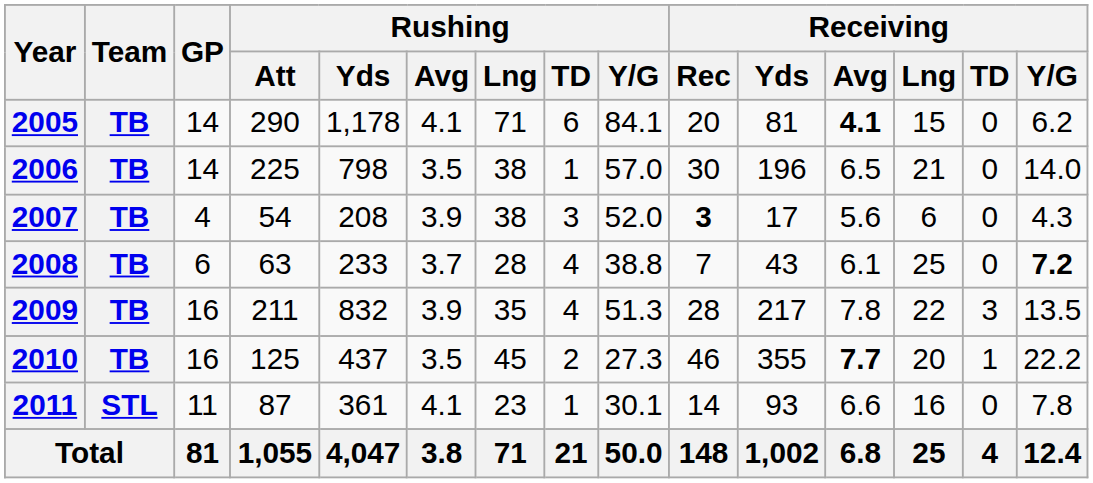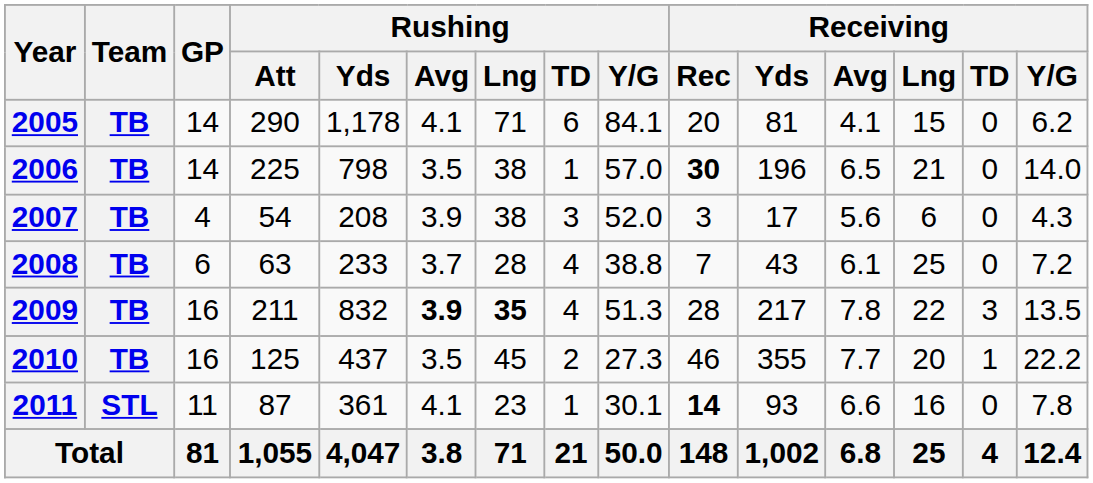 <table class="wikitable" style="text-align:center;">
 <tr>
 <th rowspan="2">Year</th>
 <th rowspan="2">Team</th>
 <th rowspan="2">GP</th>
 <th colspan="6">Rushing</th>
 <th colspan="6">Receiving</th>
 </tr>
 <tr>
 <th>Att</th>
 <th>Yds</th>
 <th>Avg</th>
 <th>Lng</th>
 <th>TD</th>
 <th>Y/G</th>
 <th>Rec</th>
 <th>Yds</th>
 <th>Avg</th>
 <th>Lng</th>
 <th>TD</th>
 <th>Y/G</th>
 </tr>
 <tr>
 <th><a href='#'>2005</a></th>
 <th><a href='#'>TB</a></th>
 <td>14</td>
 <td>290</td>
 <td>1,178</td>
 <td>4.1</td>
 <td>71</td>
 <td>6</td>
 <td>84.1</td>
 <td>20</td>
 <td>81</td>
-<td><strong>4.1</strong></td>
+<td>4.1</td>
 <td>15</td>
 <td>0</td>
 <td>6.2</td>
 </tr>
 <tr>
 <th><a href='#'>2006</a></th>
 <th><a href='#'>TB</a></th>
 <td>14</td>
 <td>225</td>
 <td>798</td>
 <td>3.5</td>
 <td>38</td>
 <td>1</td>
 <td>57.0</td>
-<td>30</td>
+<td><strong>30</strong></td>
 <td>196</td>
 <td>6.5</td>
 <td>21</td>
 <td>0</td>
 <td>14.0</td>
 </tr>
 <tr>
 <th><a href='#'>2007</a></th>
 <th><a href='#'>TB</a></th>
 <td>4</td>
 <td>54</td>
 <td>208</td>
 <td>3.9</td>
 <td>38</td>
 <td>3</td>
 <td>52.0</td>
-<td><strong>3</strong></td>
+<td>3</td>
 <td>17</td>
 <td>5.6</td>
 <td>6</td>
 <td>0</td>
 <td>4.3</td>
 </tr>
 <tr>
 <th><a href='#'>2008</a></th>
 <th><a href='#'>TB</a></th>
 <td>6</td>
 <td>63</td>
 <td>233</td>
 <td>3.7</td>
 <td>28</td>
 <td>4</td>
 <td>38.8</td>
 <td>7</td>
 <td>43</td>
 <td>6.1</td>
 <td>25</td>
 <td>0</td>
-<td><strong>7.2</strong></td>
+<td>7.2</td>
 </tr>
 <tr>
 <th><a href='#'>2009</a></th>
 <th><a href='#'>TB</a></th>
 <td>16</td>
 <td>211</td>
 <td>832</td>
-<td>3.9</td>
-<td>35</td>
+<td><strong>3.9</strong></td>
+<td><strong>35</strong></td>
 <td>4</td>
 <td>51.3</td>
 <td>28</td>
 <td>217</td>
 <td>7.8</td>
 <td>22</td>
 <td>3</td>
 <td>13.5</td>
 </tr>
 <tr>
 <th><a href='#'>2010</a></th>
 <th><a href='#'>TB</a></th>
 <td>16</td>
 <td>125</td>
 <td>437</td>
 <td>3.5</td>
 <td>45</td>
 <td>2</td>
 <td>27.3</td>
 <td>46</td>
 <td>355</td>
-<td><strong>7.7</strong></td>
+<td>7.7</td>
 <td>20</td>
 <td>1</td>
 <td>22.2</td>
 </tr>
 <tr>
 <th><a href='#'>2011</a></th>
 <th><a href='#'>STL</a></th>
 <td>11</td>
 <td>87</td>
 <td>361</td>
 <td>4.1</td>
 <td>23</td>
 <td>1</td>
 <td>30.1</td>
-<td>14</td>
+<td><strong>14</strong></td>
 <td>93</td>
 <td>6.6</td>
 <td>16</td>
 <td>0</td>
 <td>7.8</td>
 </tr>
 <tr>
 <th colspan="2">Total</th>
 <th>81</th>
 <th>1,055</th>
 <th>4,047</th>
 <th>3.8</th>
 <th>71</th>
 <th>21</th>
 <th>50.0</th>
 <th>148</th>
 <th>1,002</th>
 <th>6.8</th>
 <th>25</th>
 <th>4</th>
 <th>12.4</th>
 </tr>
 </table>
